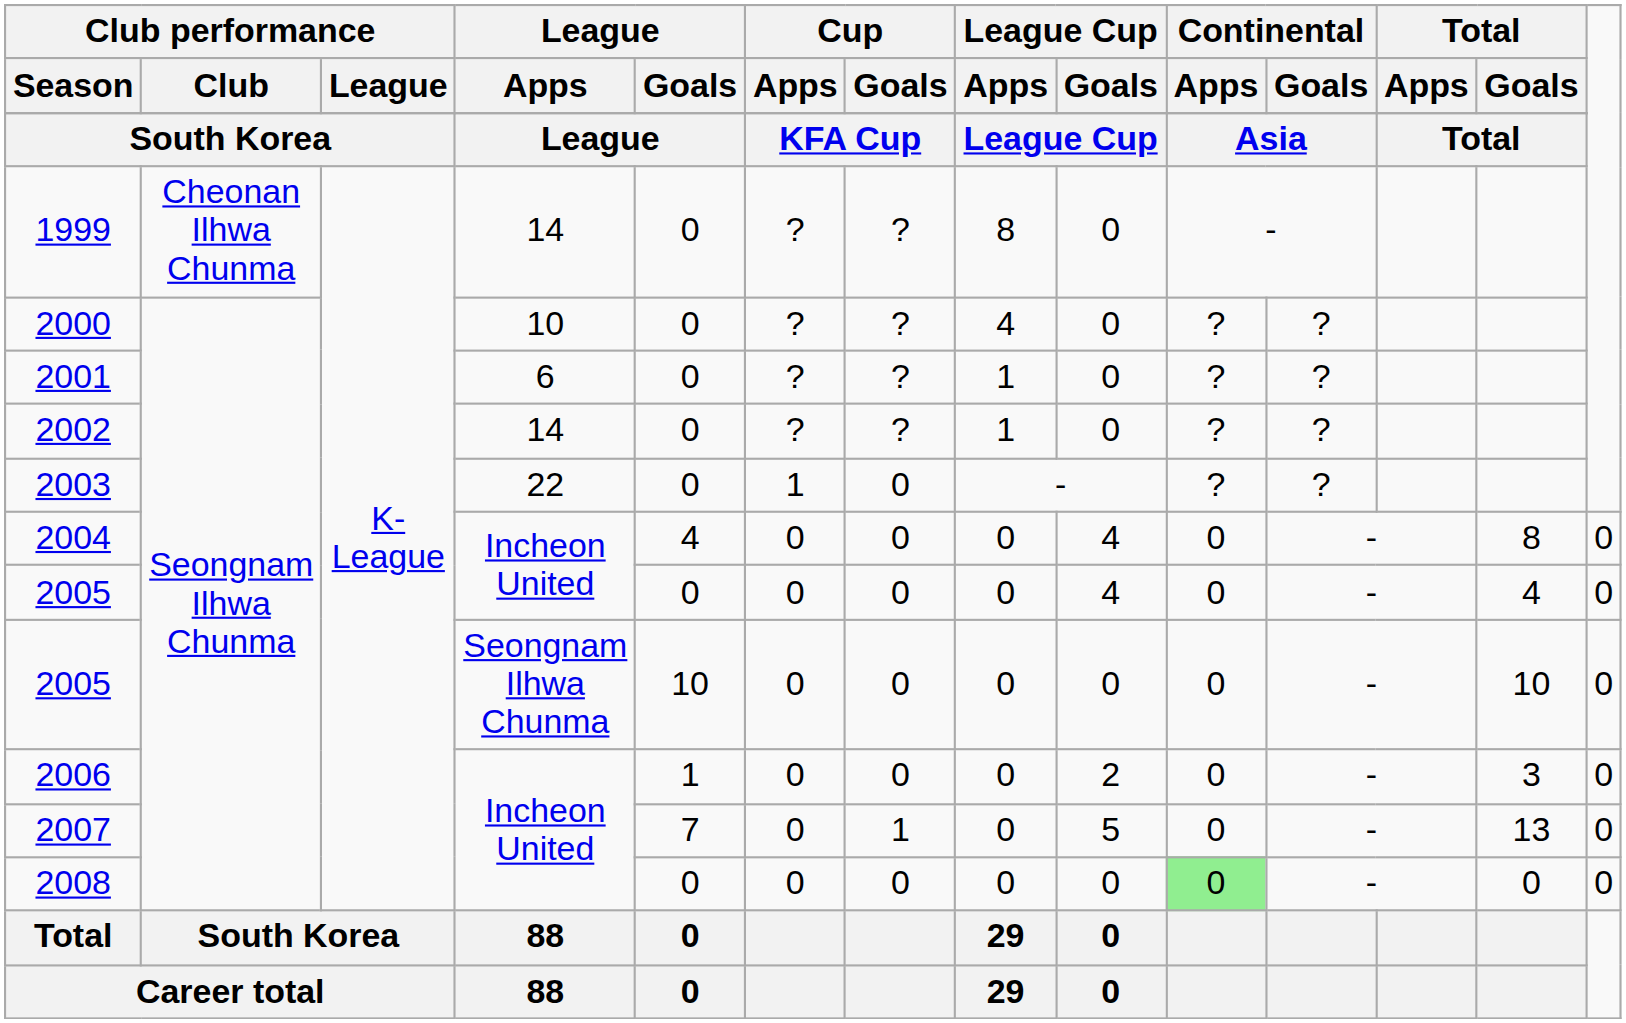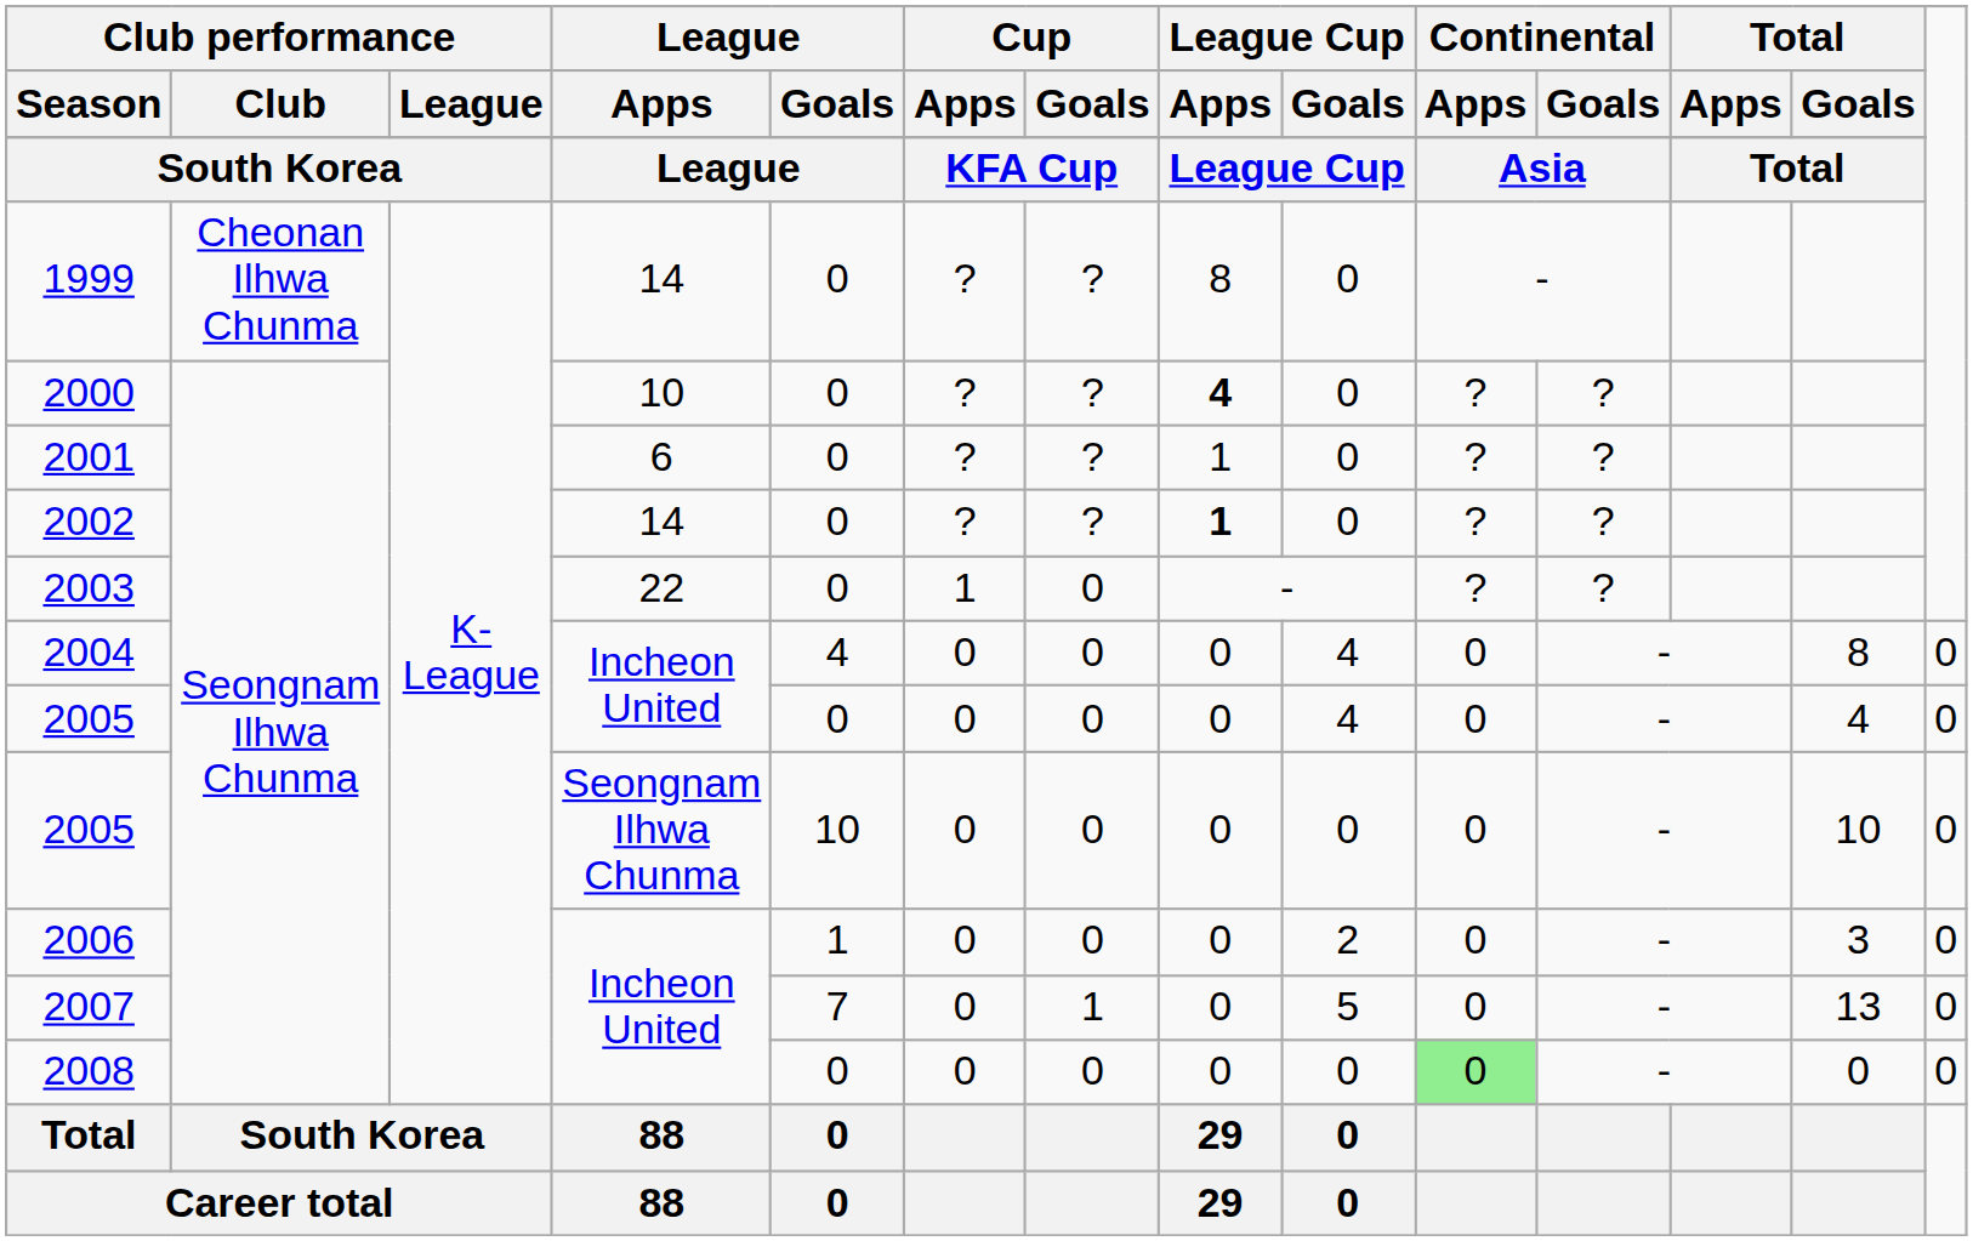 <table class="wikitable" style="text-align:center">
 <tr>
 <th colspan=3>Club performance</th>
 <th colspan=2>League</th>
 <th colspan=2>Cup</th>
 <th colspan=2>League Cup</th>
 <th colspan=2>Continental</th>
 <th colspan=2>Total</th>
 </tr>
 <tr>
 <th>Season</th>
 <th>Club</th>
 <th>League</th>
 <th>Apps</th>
 <th>Goals</th>
 <th>Apps</th>
 <th>Goals</th>
 <th>Apps</th>
 <th>Goals</th>
 <th>Apps</th>
 <th>Goals</th>
 <th>Apps</th>
 <th>Goals</th>
 </tr>
 <tr>
 </tr>
 <tr>
 <th colspan=3>South Korea</th>
 <th colspan=2>League</th>
 <th colspan=2><a href='#'>KFA Cup</a></th>
 <th colspan=2><a href='#'>League Cup</a></th>
 <th colspan=2><a href='#'>Asia</a></th>
 <th colspan=2>Total</th>
 </tr>
 <tr>
 <td><a href='#'>1999</a></td>
 <td rowspan="1"><a href='#'>Cheonan Ilhwa Chunma</a></td>
 <td rowspan="11"><a href='#'>K-League</a></td>
 <td>14</td>
 <td>0</td>
 <td>?</td>
 <td>?</td>
 <td>8</td>
 <td>0</td>
 <td colspan="2">-</td>
 <td></td>
 <td></td>
 </tr>
 <tr>
 <td><a href='#'>2000</a></td>
 <td rowspan="10"><a href='#'>Seongnam Ilhwa Chunma</a></td>
 <td>10</td>
 <td>0</td>
 <td>?</td>
 <td>?</td>
-<td>4</td>
+<td><strong>4</strong></td>
 <td>0</td>
 <td>?</td>
 <td>?</td>
 <td></td>
 <td></td>
 </tr>
 <tr>
 <td><a href='#'>2001</a></td>
 <td>6</td>
 <td>0</td>
 <td>?</td>
 <td>?</td>
 <td>1</td>
 <td>0</td>
 <td>?</td>
 <td>?</td>
 <td></td>
 <td></td>
 </tr>
 <tr>
 <td><a href='#'>2002</a></td>
 <td>14</td>
 <td>0</td>
 <td>?</td>
 <td>?</td>
-<td>1</td>
+<td><strong>1</strong></td>
 <td>0</td>
 <td>?</td>
 <td>?</td>
 <td></td>
 <td></td>
 </tr>
 <tr>
 <td><a href='#'>2003</a></td>
 <td>22</td>
 <td>0</td>
 <td>1</td>
 <td>0</td>
 <td colspan="2">-</td>
 <td>?</td>
 <td>?</td>
 <td></td>
 <td></td>
 </tr>
 <tr>
 <td><a href='#'>2004</a></td>
 <td rowspan="2"><a href='#'>Incheon United</a></td>
 <td>4</td>
 <td>0</td>
 <td>0</td>
 <td>0</td>
 <td>4</td>
 <td>0</td>
 <td colspan="2">-</td>
 <td>8</td>
 <td>0</td>
 </tr>
 <tr>
 <td><a href='#'>2005</a></td>
 <td>0</td>
 <td>0</td>
 <td>0</td>
 <td>0</td>
 <td>4</td>
 <td>0</td>
 <td colspan="2">-</td>
 <td>4</td>
 <td>0</td>
 </tr>
 <tr>
 <td><a href='#'>2005</a></td>
 <td><a href='#'>Seongnam Ilhwa Chunma</a></td>
 <td>10</td>
 <td>0</td>
 <td>0</td>
 <td>0</td>
 <td>0</td>
 <td>0</td>
 <td colspan="2">-</td>
 <td>10</td>
 <td>0</td>
 </tr>
 <tr>
 <td><a href='#'>2006</a></td>
 <td rowspan="3"><a href='#'>Incheon United</a></td>
 <td>1</td>
 <td>0</td>
 <td>0</td>
 <td>0</td>
 <td>2</td>
 <td>0</td>
 <td colspan="2">-</td>
 <td>3</td>
 <td>0</td>
 </tr>
 <tr>
 <td><a href='#'>2007</a></td>
 <td>7</td>
 <td>0</td>
 <td>1</td>
 <td>0</td>
 <td>5</td>
 <td>0</td>
 <td colspan="2">-</td>
 <td>13</td>
 <td>0</td>
 </tr>
 <tr>
 <td><a href='#'>2008</a></td>
 <td>0</td>
 <td>0</td>
 <td>0</td>
 <td>0</td>
 <td>0</td>
 <td style="background: lightgreen;">0</td>
 <td colspan="2">-</td>
 <td>0</td>
 <td>0</td>
 </tr>
 <tr>
 <th rowspan=1>Total</th>
 <th colspan=2>South Korea</th>
 <th>88</th>
 <th>0</th>
 <th></th>
 <th></th>
 <th>29</th>
 <th>0</th>
 <th></th>
 <th></th>
 <th></th>
 <th></th>
 </tr>
 <tr>
 <th colspan=3>Career total</th>
 <th>88</th>
 <th>0</th>
 <th></th>
 <th></th>
 <th>29</th>
 <th>0</th>
 <th></th>
 <th></th>
 <th></th>
 <th></th>
 </tr>
 </table>
